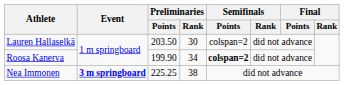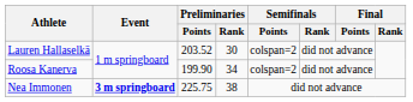 <table class=wikitable style="font-size:90%;">
 <tr>
 <th rowspan="2">Athlete</th>
 <th rowspan="2">Event</th>
 <th colspan="2">Preliminaries</th>
 <th colspan="2">Semifinals</th>
 <th colspan="2">Final</th>
 </tr>
 <tr style="font-size:95%">
 <th>Points</th>
 <th>Rank</th>
 <th>Points</th>
 <th>Rank</th>
 <th>Points</th>
 <th>Rank</th>
 </tr>
 <tr align=center>
 <td align=left><a href='#'>Lauren Hallaselkä</a></td>
 <td align=left rowspan=2><a href='#'>1 m springboard</a></td>
-<td>203.50</td>
+<td>203.52</td>
 <td>30</td>
 <td>colspan=2 </td>
 <td colspan=2>did not advance</td>
 </tr>
 <tr align=center>
 <td align=left><a href='#'>Roosa Kanerva</a></td>
 <td>199.90</td>
 <td>34</td>
-<td><strong>colspan=2 </strong></td>
+<td>colspan=2 </td>
 <td colspan=2>did not advance</td>
 </tr>
 <tr align=center>
 <td align=left><a href='#'>Nea Immonen</a></td>
 <td align=left><strong><a href='#'>3 m springboard</a></strong></td>
-<td>225.25</td>
+<td>225.75</td>
 <td>38</td>
 <td colspan=4>did not advance</td>
 </tr>
 </table>
